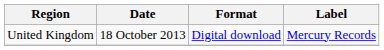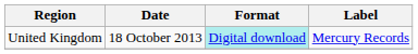 <table class=wikitable>
 <tr>
 <th>Region</th>
 <th>Date</th>
 <th>Format</th>
 <th>Label</th>
 </tr>
 <tr>
 <td>United Kingdom</td>
 <td>18 October 2013</td>
-<td><a href='#'>Digital download</a></td>
+<td style="background: paleturquoise;"><a href='#'>Digital download</a></td>
 <td><a href='#'>Mercury Records</a></td>
 </tr>
 <tr>
 </tr>
 </table>
